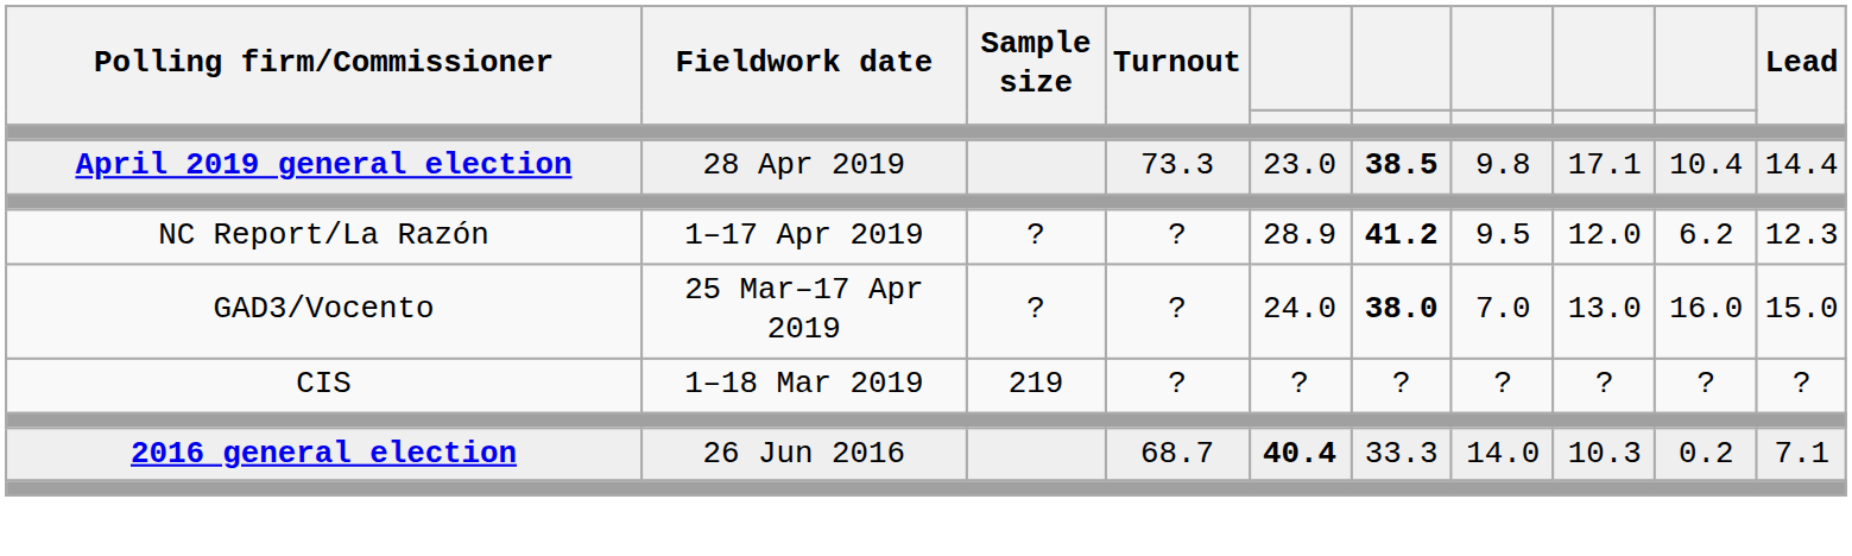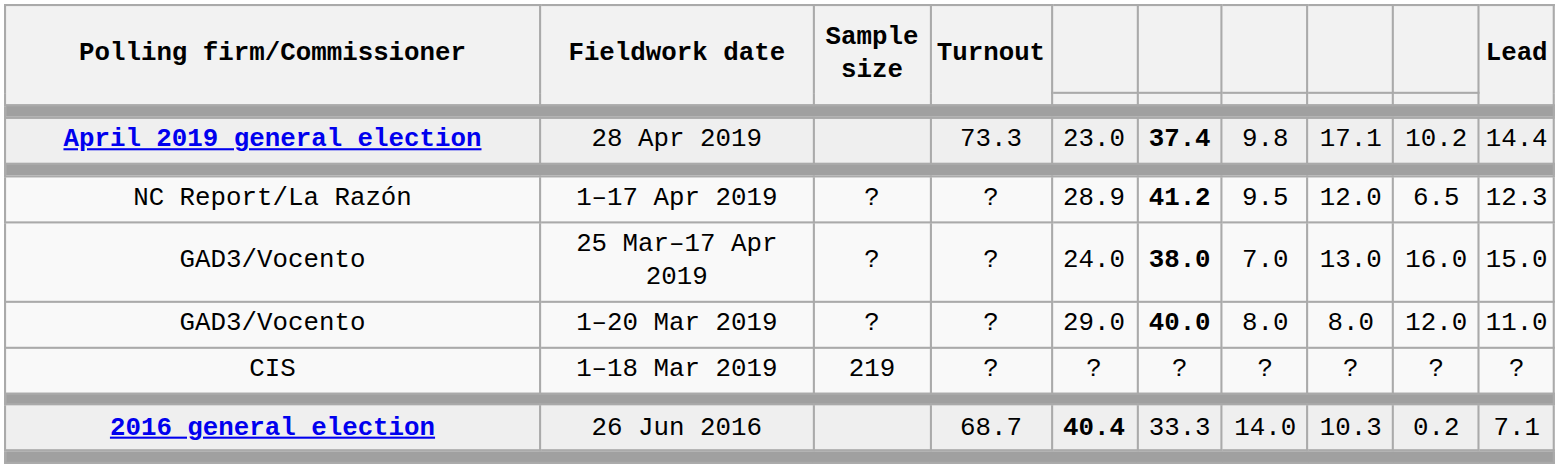 <table class="wikitable collapsible collapsed" style="text-align:center; font-size:95%; line-height:16px;">
 <tr style="height:42px;">
 <th style="width:250px;" rowspan="2">Polling firm/Commissioner</th>
 <th style="width:125px;" rowspan="2">Fieldwork date</th>
 <th style="width:50px;" rowspan="2">Sample size</th>
 <th style="width:45px;" rowspan="2">Turnout</th>
 <th style="width:35px;"></th>
 <th style="width:35px;"></th>
 <th style="width:35px;"></th>
 <th style="width:35px;"></th>
 <th style="width:35px;"></th>
 <th style="width:30px;" rowspan="2">Lead</th>
 </tr>
 <tr>
 <th style="color:inherit;background:"></th>
 <th style="color:inherit;background:"></th>
 <th style="color:inherit;background:"></th>
 <th style="color:inherit;background:"></th>
 <th style="color:inherit;background:"></th>
 </tr>
 <tr>
 <td colspan="10" style="background:#A0A0A0"></td>
 </tr>
 <tr style="background:#EFEFEF;">
 <td><strong><a href='#'>April 2019 general election</a></strong></td>
 <td>28 Apr 2019</td>
 <td></td>
 <td>73.3</td>
 <td>23.0<br></td>
-<td><strong>38.5</strong><br></td>
+<td><strong>37.4</strong><br></td>
 <td>9.8<br></td>
 <td>17.1<br></td>
-<td>10.4<br></td>
+<td>10.2<br></td>
 <td style="background:">14.4</td>
 </tr>
 <tr>
 <td colspan="10" style="background:#A0A0A0"></td>
 </tr>
 <tr>
 <td>NC Report/La Razón</td>
 <td>1–17 Apr 2019</td>
 <td>?</td>
 <td>?</td>
 <td>28.9<br></td>
 <td><strong>41.2</strong><br></td>
 <td>9.5<br></td>
 <td>12.0<br></td>
-<td>6.2<br></td>
+<td>6.5<br></td>
 <td style="background:">12.3</td>
 </tr>
 <tr>
 <td>GAD3/Vocento</td>
 <td>25 Mar–17 Apr 2019</td>
 <td>?</td>
 <td>?</td>
 <td>24.0<br></td>
 <td><strong>38.0</strong><br></td>
 <td>7.0<br></td>
 <td>13.0<br></td>
 <td>16.0<br></td>
 <td style="background:">15.0</td>
+</tr>
+<tr>
+<td>GAD3/Vocento</td>
+<td>1–20 Mar 2019</td>
+<td>?</td>
+<td>?</td>
+<td>29.0<br></td>
+<td><strong>40.0</strong><br></td>
+<td>8.0<br></td>
+<td>8.0<br></td>
+<td>12.0<br></td>
+<td style="background:">11.0</td>
 </tr>
 <tr>
 <td>CIS</td>
 <td>1–18 Mar 2019</td>
 <td>219</td>
 <td>?</td>
 <td>?<br></td>
 <td>?<br></td>
 <td>?<br></td>
 <td>?<br></td>
 <td>?<br></td>
 <td style="background:">?</td>
 </tr>
 <tr>
 <td colspan="10" style="background:#A0A0A0"></td>
 </tr>
 <tr style="background:#EFEFEF;">
 <td><strong><a href='#'>2016 general election</a></strong></td>
 <td>26 Jun 2016</td>
 <td></td>
 <td>68.7</td>
 <td><strong>40.4</strong><br></td>
 <td>33.3<br></td>
 <td>14.0<br></td>
 <td>10.3<br></td>
 <td>0.2<br></td>
 <td style="background:">7.1</td>
 </tr>
 <tr>
 <td colspan="10" style="background:#A0A0A0"></td>
 </tr>
 </table>
